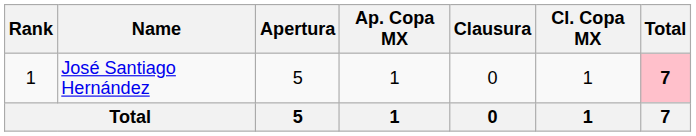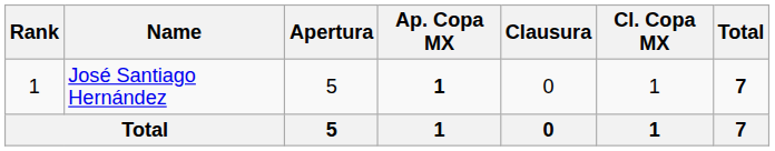 <table class="wikitable" style="text-align: center;">
 <tr>
 <th>Rank</th>
 <th>Name</th>
 <th>Apertura</th>
 <th>Ap. Copa MX</th>
 <th>Clausura</th>
 <th>Cl. Copa MX</th>
 <th>Total</th>
 </tr>
 <tr>
 <td>1</td>
 <td align=left> <a href='#'>José Santiago Hernández</a></td>
 <td>5</td>
-<td>1</td>
+<td><strong>1</strong></td>
 <td>0</td>
 <td>1</td>
-<td style="background: pink;"><strong>7</strong></td>
+<td><strong>7</strong></td>
 </tr>
 <tr>
 <th colspan=2>Total</th>
 <th>5</th>
 <th>1</th>
 <th>0</th>
 <th>1</th>
 <th>7</th>
 </tr>
 </table>
